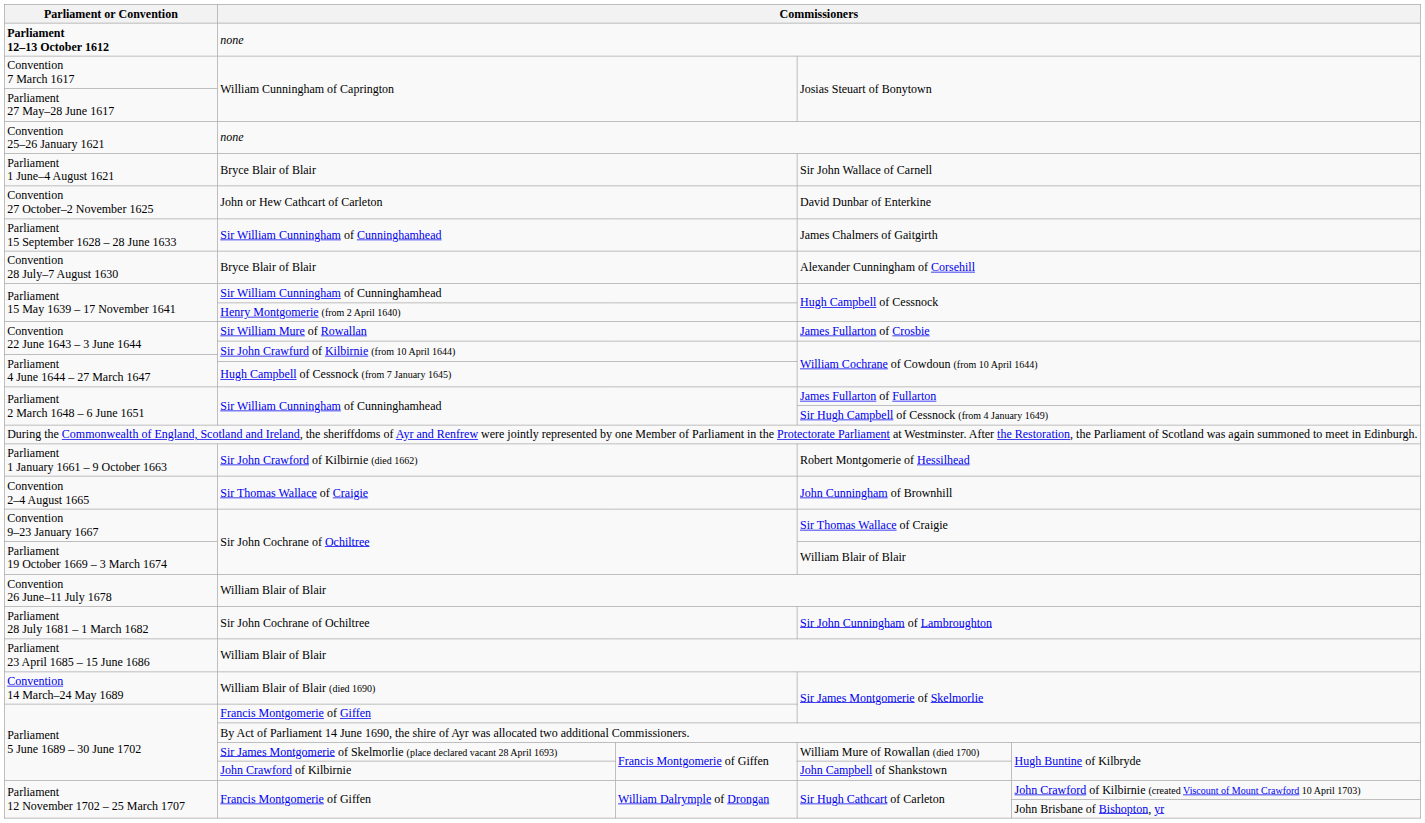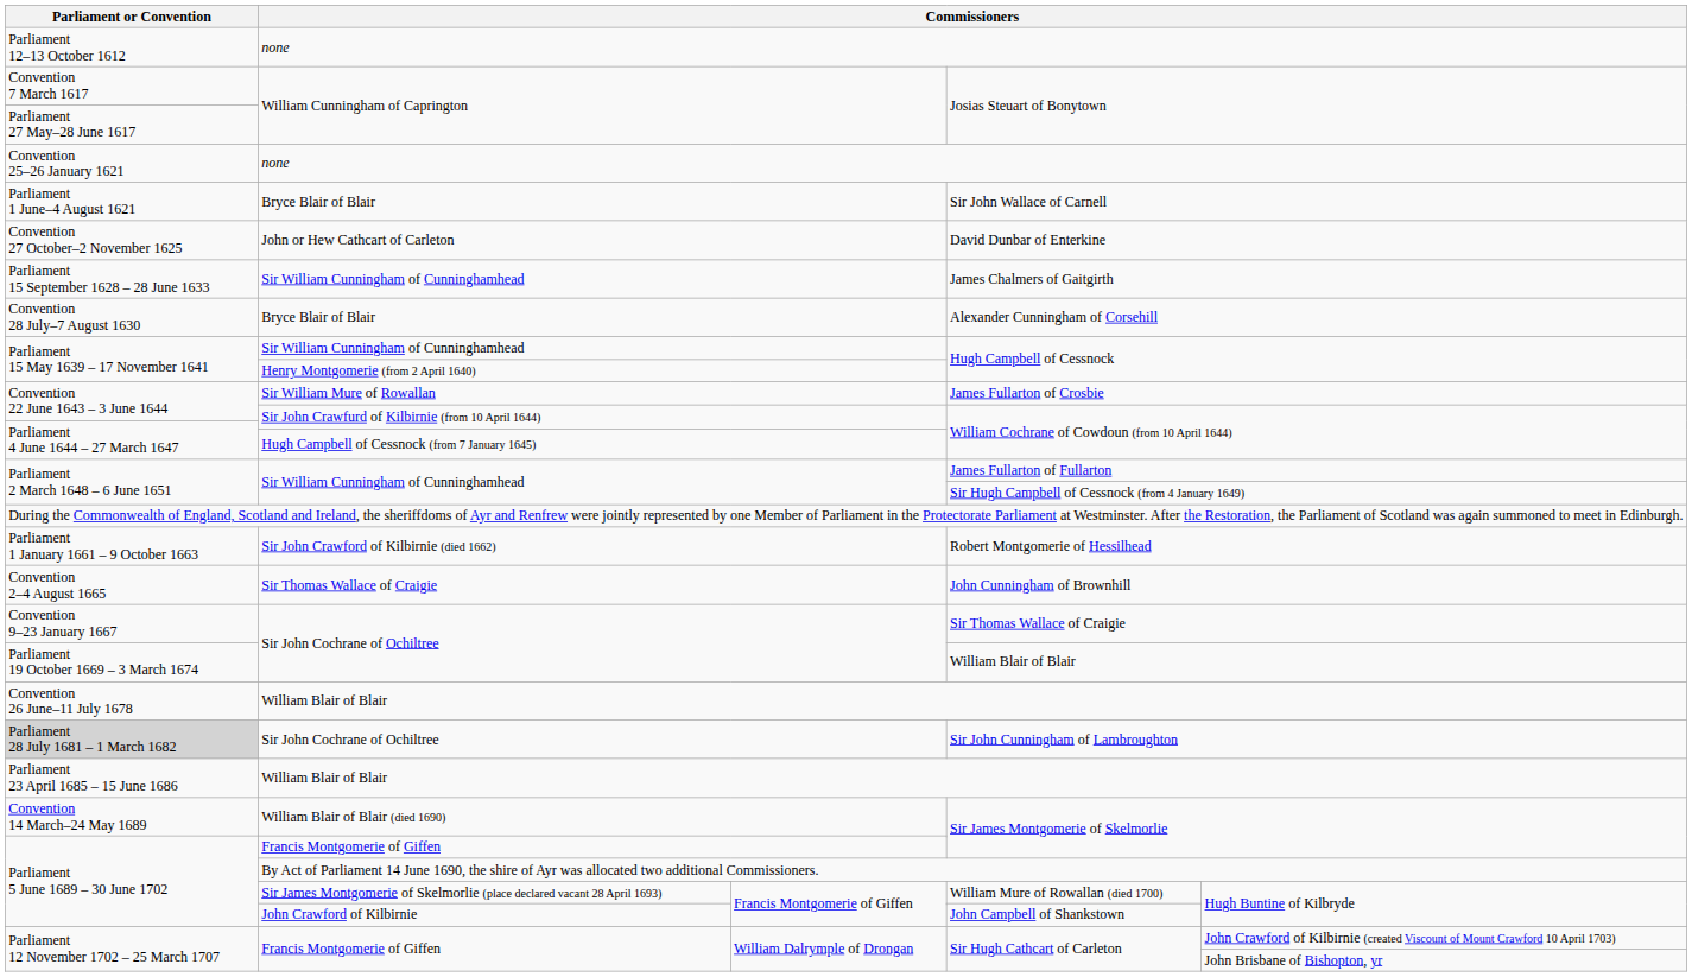 <table class="wikitable">
 <tr>
 <th>Parliament or Convention</th>
 <th colspan=4>Commissioners</th>
 </tr>
 <tr>
-<td><strong>Parliament<br>12–13 October 1612</strong></td>
+<td>Parliament<br>12–13 October 1612</td>
 <td colspan=4><em>none</em></td>
 </tr>
 <tr>
 <td>Convention<br>7 March 1617</td>
 <td colspan=2 rowspan=2>William Cunningham of Caprington</td>
 <td colspan=2 rowspan=2>Josias Steuart of Bonytown</td>
 </tr>
 <tr>
 <td>Parliament<br>27 May–28 June 1617</td>
 </tr>
 <tr>
 <td>Convention<br>25–26 January 1621</td>
 <td colspan=4><em>none</em></td>
 </tr>
 <tr>
 <td>Parliament<br>1 June–4 August 1621</td>
 <td colspan=2>Bryce Blair of Blair</td>
 <td colspan=2>Sir John Wallace of Carnell</td>
 </tr>
 <tr>
 <td>Convention<br>27 October–2 November 1625</td>
 <td colspan=2>John or Hew Cathcart of Carleton</td>
 <td colspan=2>David Dunbar of Enterkine</td>
 </tr>
 <tr>
 <td>Parliament<br>15 September 1628 – 28 June 1633</td>
 <td colspan=2><a href='#'>Sir William Cunningham</a> of <a href='#'>Cunninghamhead</a></td>
 <td colspan=2>James Chalmers of Gaitgirth</td>
 </tr>
 <tr>
 <td>Convention<br>28 July–7 August 1630</td>
 <td colspan=2>Bryce Blair of Blair</td>
 <td colspan=2>Alexander Cunningham of <a href='#'>Corsehill</a></td>
 </tr>
 <tr>
 <td rowspan=2>Parliament<br>15 May 1639 – 17 November 1641</td>
 <td colspan=2><a href='#'>Sir William Cunningham</a> of Cunninghamhead</td>
 <td colspan=2 rowspan=2><a href='#'>Hugh Campbell</a> of Cessnock</td>
 </tr>
 <tr>
 <td colspan=2><a href='#'>Henry Montgomerie</a> <small>(from 2 April 1640)</small></td>
 </tr>
 <tr>
 <td rowspan=2>Convention<br>22 June 1643 – 3 June 1644</td>
 <td colspan=2><a href='#'>Sir William Mure</a> of <a href='#'>Rowallan</a></td>
 <td colspan=2><a href='#'>James Fullarton</a> of <a href='#'>Crosbie</a></td>
 </tr>
 <tr>
 <td colspan=2 rowspan=2><a href='#'>Sir John Crawfurd</a> of <a href='#'>Kilbirnie</a> <small>(from 10 April 1644)</small></td>
 <td colspan=2 rowspan=3><a href='#'>William Cochrane</a> of Cowdoun <small>(from 10 April 1644)</small></td>
 </tr>
 <tr>
 <td rowspan=2>Parliament<br>4 June 1644 – 27 March 1647</td>
 </tr>
 <tr>
 <td colspan=2><a href='#'>Hugh Campbell</a> of Cessnock <small>(from 7 January 1645)</small></td>
 </tr>
 <tr>
 <td rowspan=2>Parliament<br>2 March 1648 – 6 June 1651</td>
 <td colspan=2 rowspan=2><a href='#'>Sir William Cunningham</a> of Cunninghamhead</td>
 <td colspan=2><a href='#'>James Fullarton</a> of <a href='#'>Fullarton</a></td>
 </tr>
 <tr>
 <td colspan=2><a href='#'>Sir Hugh Campbell</a> of Cessnock <small>(from 4 January 1649)</small></td>
 </tr>
 <tr>
 <td colspan=5>During the <a href='#'>Commonwealth of England, Scotland and Ireland</a>, the sheriffdoms of <a href='#'>Ayr and Renfrew</a> were jointly represented by one Member of Parliament in the <a href='#'>Protectorate Parliament</a> at Westminster. After <a href='#'>the Restoration</a>, the Parliament of Scotland was again summoned to meet in Edinburgh.</td>
 </tr>
 <tr>
 <td>Parliament<br>1 January 1661 – 9 October 1663</td>
 <td colspan=2><a href='#'>Sir John Crawford</a> of Kilbirnie <small>(died 1662)</small></td>
 <td colspan=2>Robert Montgomerie of <a href='#'>Hessilhead</a></td>
 </tr>
 <tr>
 <td>Convention<br>2–4 August 1665</td>
 <td colspan=2><a href='#'>Sir Thomas Wallace</a> of <a href='#'>Craigie</a></td>
 <td colspan=2><a href='#'>John Cunningham</a> of Brownhill</td>
 </tr>
 <tr>
 <td>Convention<br>9–23 January 1667</td>
 <td colspan=2 rowspan=2>Sir John Cochrane of <a href='#'>Ochiltree</a></td>
 <td colspan=2><a href='#'>Sir Thomas Wallace</a> of Craigie</td>
 </tr>
 <tr>
 <td>Parliament<br>19 October 1669 – 3 March 1674</td>
 <td colspan=2>William Blair of Blair</td>
 </tr>
 <tr>
 <td>Convention<br>26 June–11 July 1678</td>
 <td colspan=4>William Blair of Blair</td>
 </tr>
 <tr>
-<td>Parliament<br>28 July 1681 – 1 March 1682</td>
+<td style="background: lightgrey;">Parliament<br>28 July 1681 – 1 March 1682</td>
 <td colspan=2>Sir John Cochrane of Ochiltree</td>
 <td colspan=2><a href='#'>Sir John Cunningham</a> of <a href='#'>Lambroughton</a></td>
 </tr>
 <tr>
 <td>Parliament<br>23 April 1685 – 15 June 1686</td>
 <td colspan=4>William Blair of Blair</td>
 </tr>
 <tr>
 <td><a href='#'>Convention</a><br>14 March–24 May 1689</td>
 <td colspan=2 rowspan=2>William Blair of Blair <small>(died 1690)</small></td>
 <td colspan=2 rowspan=3><a href='#'>Sir James Montgomerie</a> of <a href='#'>Skelmorlie</a></td>
 </tr>
 <tr>
 <td rowspan=6>Parliament<br>5 June 1689 – 30 June 1702</td>
 </tr>
 <tr>
 <td colspan=2><a href='#'>Francis Montgomerie</a> of <a href='#'>Giffen</a></td>
 </tr>
 <tr>
 <td colspan=4>By Act of Parliament 14 June 1690, the shire of Ayr was allocated two additional Commissioners.</td>
 </tr>
 <tr>
 <td><a href='#'>Sir James Montgomerie</a> of Skelmorlie <small>(place declared vacant 28 April 1693)</small></td>
 <td rowspan=3><a href='#'>Francis Montgomerie</a> of Giffen</td>
 <td rowspan=2>William Mure of Rowallan <small>(died 1700)</small></td>
 <td rowspan=3><a href='#'>Hugh Buntine</a> of Kilbryde</td>
 </tr>
 <tr>
 <td rowspan=2><a href='#'>John Crawford</a> of Kilbirnie</td>
 </tr>
 <tr>
 <td><a href='#'>John Campbell</a> of Shankstown</td>
 </tr>
 <tr>
 <td rowspan=2>Parliament<br>12 November 1702 – 25 March 1707</td>
 <td rowspan=2><a href='#'>Francis Montgomerie</a> of Giffen</td>
 <td rowspan=2><a href='#'>William Dalrymple</a> of <a href='#'>Drongan</a></td>
 <td rowspan=2><a href='#'>Sir Hugh Cathcart</a> of Carleton</td>
 <td><a href='#'>John Crawford</a> of Kilbirnie <small>(created <a href='#'>Viscount of Mount Crawford</a> 10 April 1703)</small></td>
 </tr>
 <tr>
 <td>John Brisbane of <a href='#'>Bishopton</a>, <a href='#'>yr</a></td>
 </tr>
 </table>
